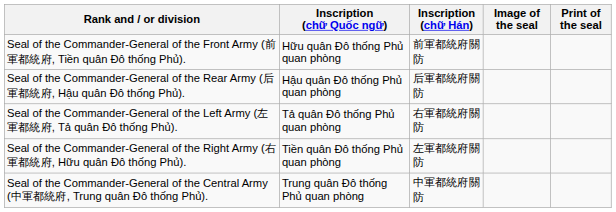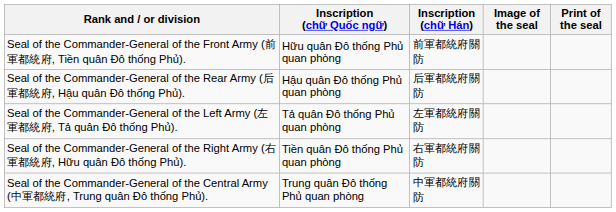 <table class="wikitable">
 <tr>
 <th>Rank and / or division</th>
 <th>Inscription<br>(<a href='#'>chữ Quốc ngữ</a>)</th>
 <th>Inscription<br>(<a href='#'>chữ Hán</a>)</th>
 <th>Image of the seal</th>
 <th>Print of the seal</th>
 </tr>
 <tr>
 <td>Seal of the Commander-General of the Front Army (前軍都統府, Tiền quân Đô thống Phủ).</td>
 <td>Hữu quân Đô thống Phủ quan phòng</td>
 <td>前軍都統府關防</td>
 <td></td>
 <td></td>
 </tr>
 <tr>
 <td>Seal of the Commander-General of the Rear Army (后軍都統府, Hậu quân Đô thống Phủ).</td>
 <td>Hậu quân Đô thống Phủ quan phòng</td>
 <td>后軍都統府關防</td>
 <td></td>
 <td></td>
 </tr>
 <tr>
 <td>Seal of the Commander-General of the Left Army (左軍都統府, Tả quân Đô thống Phủ).</td>
 <td>Tả quân Đô thống Phủ quan phòng</td>
-<td>右軍都統府關防</td>
+<td>左軍都統府關防</td>
 <td></td>
 <td></td>
 </tr>
 <tr>
 <td>Seal of the Commander-General of the Right Army (右軍都統府, Hữu quân Đô thống Phủ).</td>
 <td>Tiền quân Đô thống Phủ quan phòng</td>
-<td>左軍都統府關防</td>
+<td>右軍都統府關防</td>
 <td></td>
 <td></td>
 </tr>
 <tr>
 <td>Seal of the Commander-General of the Central Army (中軍都統府, Trung quân Đô thống Phủ).</td>
 <td>Trung quân Đô thống Phủ quan phòng</td>
 <td>中軍都統府關防</td>
 <td></td>
 <td></td>
 </tr>
 </table>
